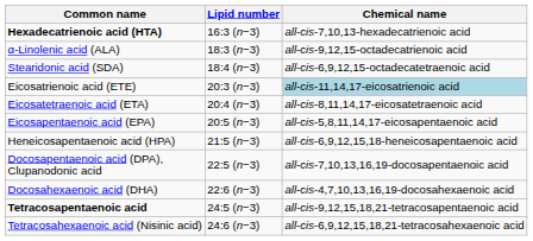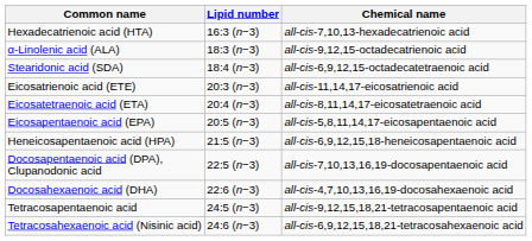 <table class="wikitable">
 <tr>
 <th>Common name</th>
 <th><a href='#'>Lipid number</a></th>
 <th>Chemical name</th>
 </tr>
 <tr>
-<td><strong>Hexadecatrienoic acid (HTA)</strong></td>
+<td>Hexadecatrienoic acid (HTA)</td>
 <td>16:3 (<em>n</em>−3)</td>
 <td><em>all</em>-<em>cis</em>-7,10,13-hexadecatrienoic acid</td>
 </tr>
 <tr>
 <td><a href='#'>α-Linolenic acid</a> (ALA)</td>
 <td>18:3 (<em>n</em>−3)</td>
 <td><em>all</em>-<em>cis</em>-9,12,15-octadecatrienoic acid</td>
 </tr>
 <tr>
 <td><a href='#'>Stearidonic acid</a> (SDA)</td>
 <td>18:4 (<em>n</em>−3)</td>
 <td><em>all</em>-<em>cis</em>-6,9,12,15-octadecatetraenoic acid</td>
 </tr>
 <tr>
 <td>Eicosatrienoic acid (ETE)</td>
 <td>20:3 (<em>n</em>−3)</td>
-<td style="background: lightblue;"><em>all</em>-<em>cis</em>-11,14,17-eicosatrienoic acid</td>
+<td><em>all</em>-<em>cis</em>-11,14,17-eicosatrienoic acid</td>
 </tr>
 <tr>
 <td><a href='#'>Eicosatetraenoic acid</a> (ETA)</td>
 <td>20:4 (<em>n</em>−3)</td>
 <td><em>all</em>-<em>cis</em>-8,11,14,17-eicosatetraenoic acid</td>
 </tr>
 <tr>
 <td><a href='#'>Eicosapentaenoic acid</a> (EPA)</td>
 <td>20:5 (<em>n</em>−3)</td>
 <td><em>all</em>-<em>cis</em>-5,8,11,14,17-eicosapentaenoic acid</td>
 </tr>
 <tr>
 <td>Heneicosapentaenoic acid (HPA)</td>
 <td>21:5 (<em>n</em>−3)</td>
 <td><em>all-cis</em>-6,9,12,15,18-heneicosapentaenoic acid</td>
 </tr>
 <tr>
 <td><a href='#'>Docosapentaenoic acid</a> (DPA),<br>Clupanodonic acid</td>
 <td>22:5 (<em>n</em>−3)</td>
 <td><em>all</em>-<em>cis</em>-7,10,13,16,19-docosapentaenoic acid</td>
 </tr>
 <tr>
 <td><a href='#'>Docosahexaenoic acid</a> (DHA)</td>
 <td>22:6 (<em>n</em>−3)</td>
 <td><em>all</em>-<em>cis</em>-4,7,10,13,16,19-docosahexaenoic acid</td>
 </tr>
 <tr>
-<td><strong>Tetracosapentaenoic acid</strong></td>
+<td>Tetracosapentaenoic acid</td>
 <td>24:5 (<em>n</em>−3)</td>
 <td><em>all</em>-<em>cis</em>-9,12,15,18,21-tetracosapentaenoic acid</td>
 </tr>
 <tr>
 <td><a href='#'>Tetracosahexaenoic acid</a> (Nisinic acid)</td>
 <td>24:6 (<em>n</em>−3)</td>
 <td><em>all</em>-<em>cis</em>-6,9,12,15,18,21-tetracosahexaenoic acid</td>
 </tr>
 </table>
